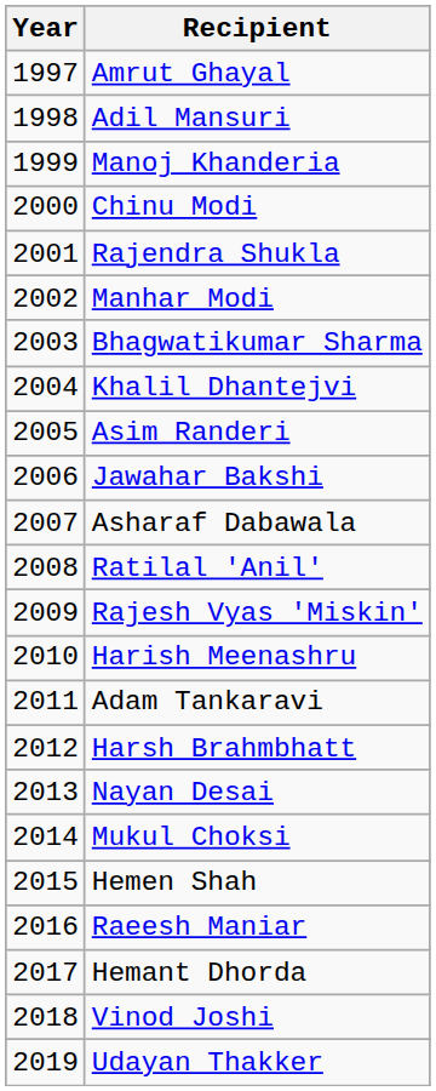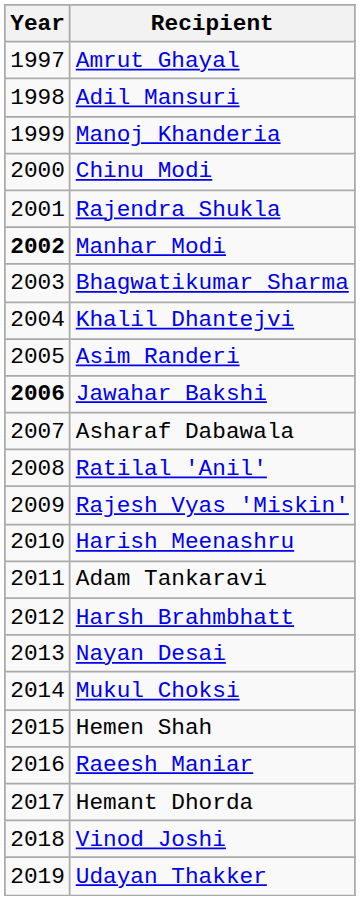 <table class="wikitable">
 <tr>
 <th>Year</th>
 <th>Recipient</th>
 </tr>
 <tr>
 <td>1997</td>
 <td><a href='#'>Amrut Ghayal</a></td>
 </tr>
 <tr>
 <td>1998</td>
 <td><a href='#'>Adil Mansuri</a></td>
 </tr>
 <tr>
 <td>1999</td>
 <td><a href='#'>Manoj Khanderia</a></td>
 </tr>
 <tr>
 <td>2000</td>
 <td><a href='#'>Chinu Modi</a></td>
 </tr>
 <tr>
 <td>2001</td>
 <td><a href='#'>Rajendra Shukla</a></td>
 </tr>
 <tr>
-<td>2002</td>
+<td><strong>2002</strong></td>
 <td><a href='#'>Manhar Modi</a></td>
 </tr>
 <tr>
 <td>2003</td>
 <td><a href='#'>Bhagwatikumar Sharma</a></td>
 </tr>
 <tr>
 <td>2004</td>
 <td><a href='#'>Khalil Dhantejvi</a></td>
 </tr>
 <tr>
 <td>2005</td>
 <td><a href='#'>Asim Randeri</a></td>
 </tr>
 <tr>
-<td>2006</td>
+<td><strong>2006</strong></td>
 <td><a href='#'>Jawahar Bakshi</a></td>
 </tr>
 <tr>
 <td>2007</td>
 <td>Asharaf Dabawala</td>
 </tr>
 <tr>
 <td>2008</td>
 <td><a href='#'>Ratilal 'Anil'</a></td>
 </tr>
 <tr>
 <td>2009</td>
 <td><a href='#'>Rajesh Vyas 'Miskin'</a></td>
 </tr>
 <tr>
 <td>2010</td>
 <td><a href='#'>Harish Meenashru</a></td>
 </tr>
 <tr>
 <td>2011</td>
 <td>Adam Tankaravi</td>
 </tr>
 <tr>
 <td>2012</td>
 <td><a href='#'>Harsh Brahmbhatt</a></td>
 </tr>
 <tr>
 <td>2013</td>
 <td><a href='#'>Nayan Desai</a></td>
 </tr>
 <tr>
 <td>2014</td>
 <td><a href='#'>Mukul Choksi</a></td>
 </tr>
 <tr>
 <td>2015</td>
 <td>Hemen Shah</td>
 </tr>
 <tr>
 <td>2016</td>
 <td><a href='#'>Raeesh Maniar</a></td>
 </tr>
 <tr>
 <td>2017</td>
 <td>Hemant Dhorda</td>
 </tr>
 <tr>
 <td>2018</td>
 <td><a href='#'>Vinod Joshi</a></td>
 </tr>
 <tr>
 <td>2019</td>
 <td><a href='#'>Udayan Thakker</a></td>
 </tr>
 </table>
